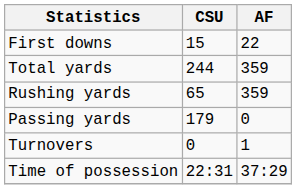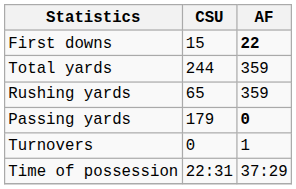 <table class="wikitable">
 <tr>
 <th>Statistics</th>
 <th>CSU</th>
 <th>AF</th>
 </tr>
 <tr>
 <td>First downs</td>
 <td>15</td>
-<td>22</td>
+<td><strong>22</strong></td>
 </tr>
 <tr>
 <td>Total yards</td>
 <td>244</td>
 <td>359</td>
 </tr>
 <tr>
 <td>Rushing yards</td>
 <td>65</td>
 <td>359</td>
 </tr>
 <tr>
 <td>Passing yards</td>
 <td>179</td>
-<td>0</td>
+<td><strong>0</strong></td>
 </tr>
 <tr>
 <td>Turnovers</td>
 <td>0</td>
 <td>1</td>
 </tr>
 <tr>
 <td>Time of possession</td>
 <td>22:31</td>
 <td>37:29</td>
 </tr>
 <tr>
 </tr>
 </table>
